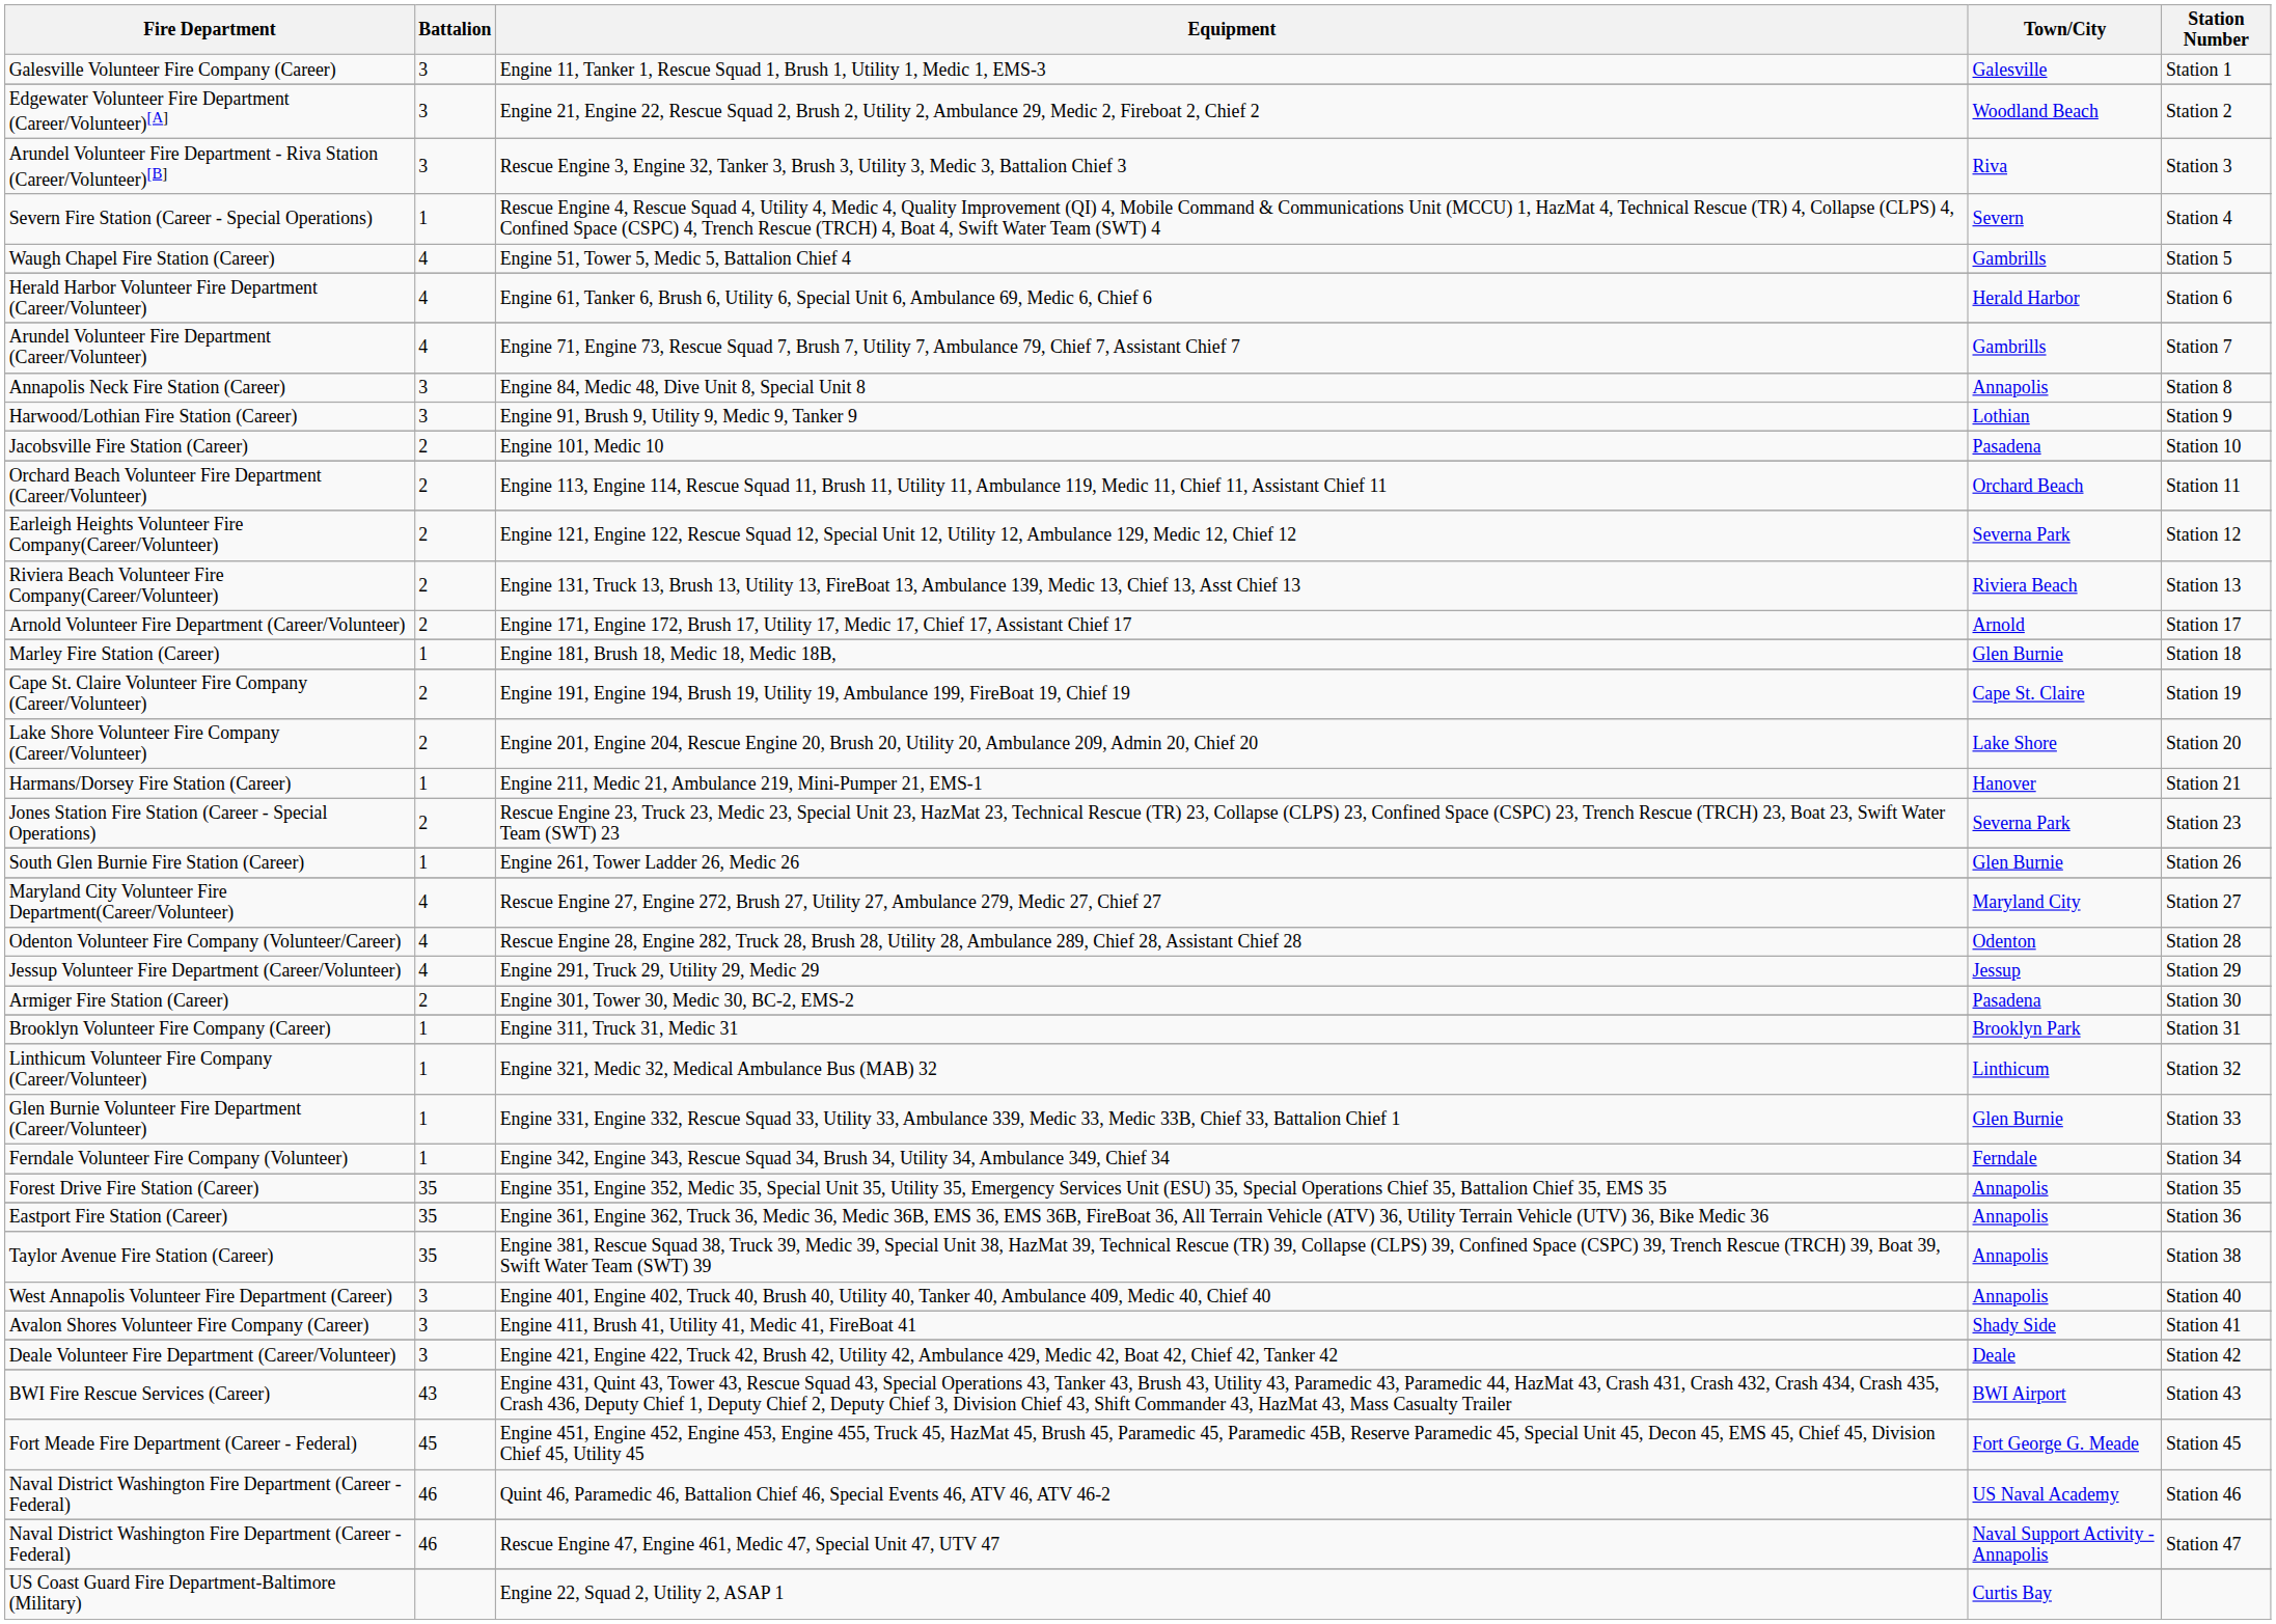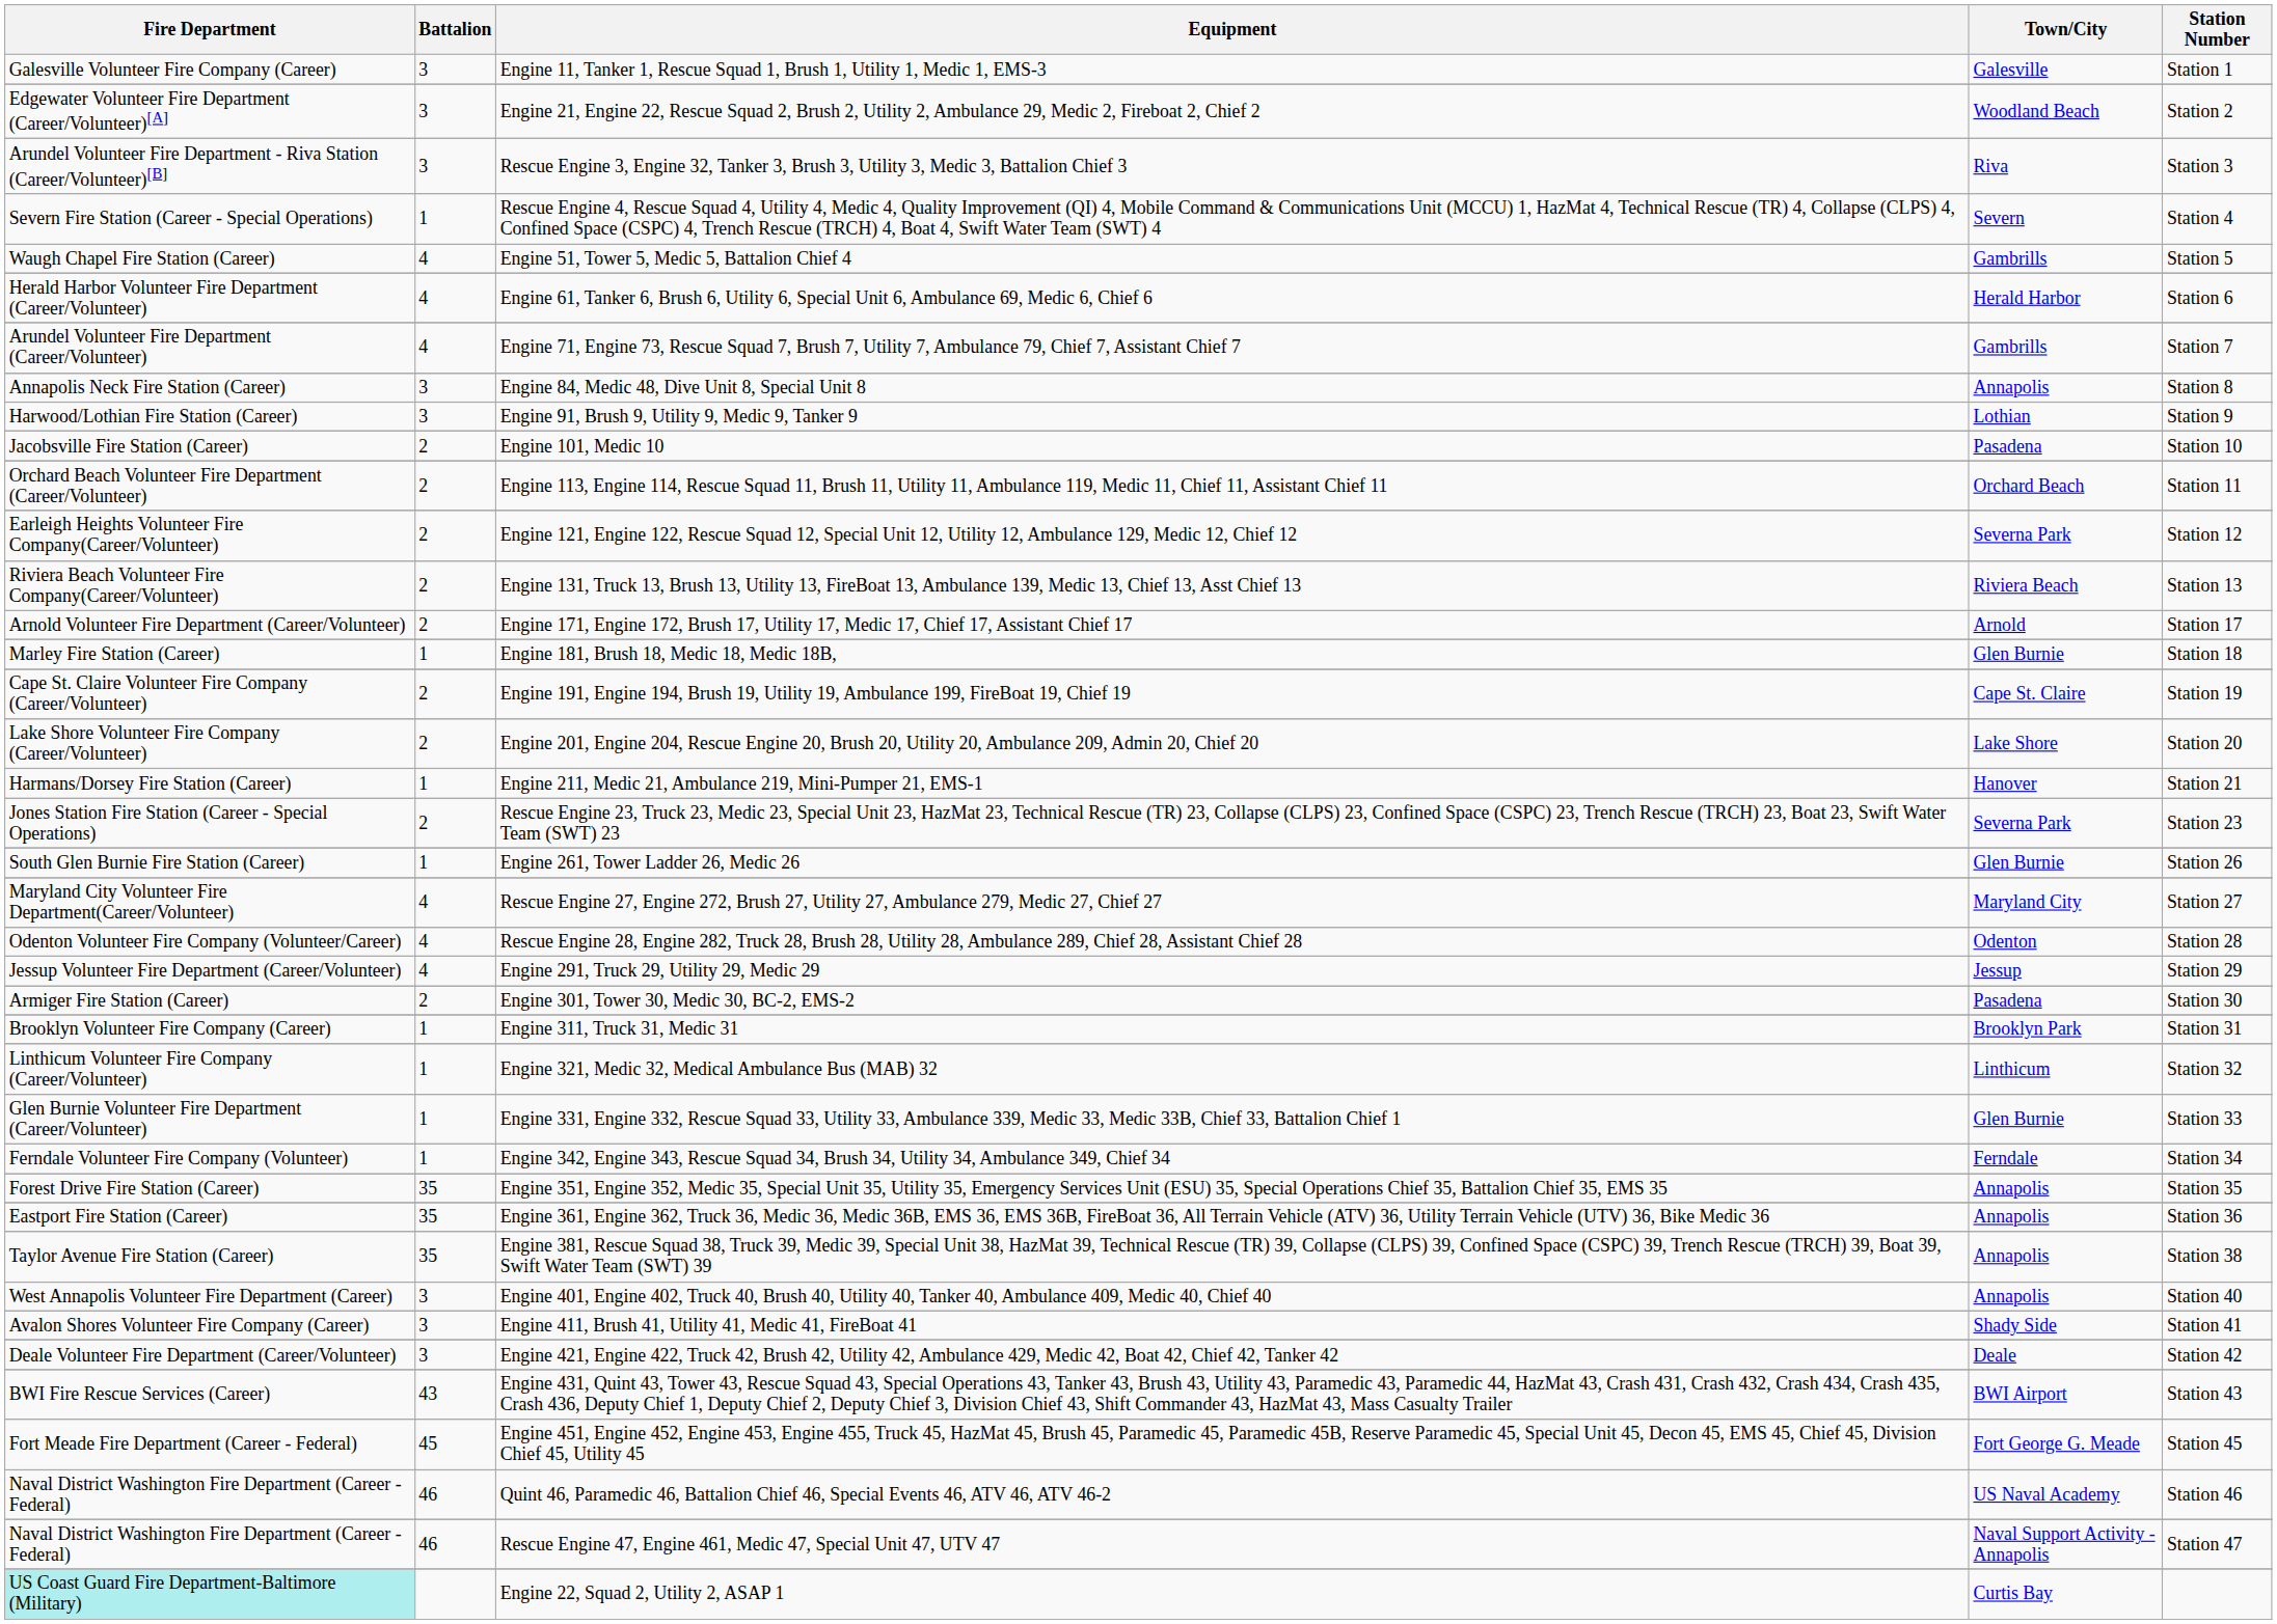 <table class="wikitable sortable">
 <tr>
 <th>Fire Department</th>
 <th>Battalion</th>
 <th>Equipment</th>
 <th>Town/City</th>
 <th>Station Number</th>
 </tr>
 <tr>
 <td>Galesville Volunteer Fire Company (Career)</td>
 <td>3</td>
 <td>Engine 11, Tanker 1, Rescue Squad 1, Brush 1, Utility 1, Medic 1, EMS-3</td>
 <td><a href='#'>Galesville</a></td>
 <td>Station 1</td>
 </tr>
 <tr>
 </tr>
 <tr>
 <td>Edgewater Volunteer Fire Department (Career/Volunteer)<sup><a href='#'>[A</a>]</sup></td>
 <td>3</td>
 <td>Engine 21, Engine 22, Rescue Squad 2, Brush 2, Utility 2, Ambulance 29, Medic 2, Fireboat 2, Chief 2</td>
 <td><a href='#'>Woodland Beach</a></td>
 <td>Station 2</td>
 </tr>
 <tr>
 </tr>
 <tr>
 <td>Arundel Volunteer Fire Department - Riva Station (Career/Volunteer)<sup><a href='#'>[B</a>]</sup></td>
 <td>3</td>
 <td>Rescue Engine 3, Engine 32, Tanker 3, Brush 3, Utility 3, Medic 3, Battalion Chief 3</td>
 <td><a href='#'>Riva</a></td>
 <td>Station 3</td>
 </tr>
 <tr>
 </tr>
 <tr>
 <td>Severn Fire Station (Career - Special Operations)</td>
 <td>1</td>
 <td>Rescue Engine 4, Rescue Squad 4, Utility 4, Medic 4, Quality Improvement (QI) 4, Mobile Command & Communications Unit (MCCU) 1, HazMat 4, Technical Rescue (TR) 4, Collapse (CLPS) 4, Confined Space (CSPC) 4, Trench Rescue (TRCH) 4, Boat 4, Swift Water Team (SWT) 4</td>
 <td><a href='#'>Severn</a></td>
 <td>Station 4</td>
 </tr>
 <tr>
 </tr>
 <tr>
 <td>Waugh Chapel Fire Station (Career)</td>
 <td>4</td>
 <td>Engine 51, Tower 5, Medic 5, Battalion Chief 4</td>
 <td><a href='#'>Gambrills</a></td>
 <td>Station 5</td>
 </tr>
 <tr>
 </tr>
 <tr>
 <td>Herald Harbor Volunteer Fire Department (Career/Volunteer)</td>
 <td>4</td>
 <td>Engine 61, Tanker 6, Brush 6, Utility 6, Special Unit 6, Ambulance 69, Medic 6, Chief 6</td>
 <td><a href='#'>Herald Harbor</a></td>
 <td>Station 6</td>
 </tr>
 <tr>
 </tr>
 <tr>
 <td>Arundel Volunteer Fire Department (Career/Volunteer)</td>
 <td>4</td>
 <td>Engine 71, Engine 73, Rescue Squad 7, Brush 7, Utility 7, Ambulance 79, Chief 7, Assistant Chief 7</td>
 <td><a href='#'>Gambrills</a></td>
 <td>Station 7</td>
 </tr>
 <tr>
 </tr>
 <tr>
 <td>Annapolis Neck Fire Station (Career)</td>
 <td>3</td>
 <td>Engine 84, Medic 48, Dive Unit 8, Special Unit 8</td>
 <td><a href='#'>Annapolis</a></td>
 <td>Station 8</td>
 </tr>
 <tr>
 </tr>
 <tr>
 <td>Harwood/Lothian Fire Station (Career)</td>
 <td>3</td>
 <td>Engine 91, Brush 9, Utility 9, Medic 9, Tanker 9</td>
 <td><a href='#'>Lothian</a></td>
 <td>Station 9</td>
 </tr>
 <tr>
 </tr>
 <tr>
 <td>Jacobsville Fire Station (Career)</td>
 <td>2</td>
 <td>Engine 101, Medic 10</td>
 <td><a href='#'>Pasadena</a></td>
 <td>Station 10</td>
 </tr>
 <tr>
 </tr>
 <tr>
 <td>Orchard Beach Volunteer Fire Department (Career/Volunteer)</td>
 <td>2</td>
 <td>Engine 113, Engine 114, Rescue Squad 11, Brush 11, Utility 11, Ambulance 119, Medic 11, Chief 11, Assistant Chief 11</td>
 <td><a href='#'>Orchard Beach</a></td>
 <td>Station 11</td>
 </tr>
 <tr>
 </tr>
 <tr>
 <td>Earleigh Heights Volunteer Fire Company(Career/Volunteer)</td>
 <td>2</td>
 <td>Engine 121, Engine 122, Rescue Squad 12, Special Unit 12, Utility 12, Ambulance 129, Medic 12, Chief 12</td>
 <td><a href='#'>Severna Park</a></td>
 <td>Station 12</td>
 </tr>
 <tr>
 </tr>
 <tr>
 <td>Riviera Beach Volunteer Fire Company(Career/Volunteer)</td>
 <td>2</td>
 <td>Engine 131, Truck 13, Brush 13, Utility 13, FireBoat 13, Ambulance 139, Medic 13, Chief 13, Asst Chief 13</td>
 <td><a href='#'>Riviera Beach</a></td>
 <td>Station 13</td>
 </tr>
 <tr>
 </tr>
 <tr>
 <td>Arnold Volunteer Fire Department (Career/Volunteer)</td>
 <td>2</td>
 <td>Engine 171, Engine 172, Brush 17, Utility 17, Medic 17, Chief 17, Assistant Chief 17</td>
 <td><a href='#'>Arnold</a></td>
 <td>Station 17</td>
 </tr>
 <tr>
 </tr>
 <tr>
 <td>Marley Fire Station (Career)</td>
 <td>1</td>
 <td>Engine 181, Brush 18, Medic 18, Medic 18B,</td>
 <td><a href='#'>Glen Burnie</a></td>
 <td>Station 18</td>
 </tr>
 <tr>
 </tr>
 <tr>
 <td>Cape St. Claire Volunteer Fire Company (Career/Volunteer)</td>
 <td>2</td>
 <td>Engine 191, Engine 194, Brush 19, Utility 19, Ambulance 199, FireBoat 19, Chief 19</td>
 <td><a href='#'>Cape St. Claire</a></td>
 <td>Station 19</td>
 </tr>
 <tr>
 </tr>
 <tr>
 <td>Lake Shore Volunteer Fire Company (Career/Volunteer)</td>
 <td>2</td>
 <td>Engine 201, Engine 204, Rescue Engine 20, Brush 20, Utility 20, Ambulance 209, Admin 20, Chief 20</td>
 <td><a href='#'>Lake Shore</a></td>
 <td>Station 20</td>
 </tr>
 <tr>
 </tr>
 <tr>
 <td>Harmans/Dorsey Fire Station (Career)</td>
 <td>1</td>
 <td>Engine 211, Medic 21, Ambulance 219, Mini-Pumper 21, EMS-1 </td>
 <td><a href='#'>Hanover</a></td>
 <td>Station 21</td>
 </tr>
 <tr>
 </tr>
 <tr>
 <td>Jones Station Fire Station (Career - Special Operations)</td>
 <td>2</td>
 <td>Rescue Engine 23, Truck 23, Medic 23, Special Unit 23, HazMat 23, Technical Rescue (TR) 23, Collapse (CLPS) 23, Confined Space (CSPC) 23, Trench Rescue (TRCH) 23, Boat 23, Swift Water Team (SWT) 23</td>
 <td><a href='#'>Severna Park</a></td>
 <td>Station 23</td>
 </tr>
 <tr>
 </tr>
 <tr>
 <td>South Glen Burnie Fire Station (Career)</td>
 <td>1</td>
 <td>Engine 261, Tower Ladder 26, Medic 26</td>
 <td><a href='#'>Glen Burnie</a></td>
 <td>Station 26</td>
 </tr>
 <tr>
 </tr>
 <tr>
 <td>Maryland City Volunteer Fire Department(Career/Volunteer)</td>
 <td>4</td>
 <td>Rescue Engine 27, Engine 272, Brush 27, Utility 27, Ambulance 279, Medic 27, Chief 27</td>
 <td><a href='#'>Maryland City</a></td>
 <td>Station 27</td>
 </tr>
 <tr>
 </tr>
 <tr>
 <td>Odenton Volunteer Fire Company (Volunteer/Career)</td>
 <td>4</td>
 <td>Rescue Engine 28, Engine 282, Truck 28, Brush 28, Utility 28, Ambulance 289, Chief 28, Assistant Chief 28</td>
 <td><a href='#'>Odenton</a></td>
 <td>Station 28</td>
 </tr>
 <tr>
 </tr>
 <tr>
 <td>Jessup Volunteer Fire Department (Career/Volunteer)</td>
 <td>4</td>
 <td>Engine 291, Truck 29, Utility 29,  Medic 29</td>
 <td><a href='#'>Jessup</a></td>
 <td>Station 29</td>
 </tr>
 <tr>
 </tr>
 <tr>
 <td>Armiger Fire Station (Career)</td>
 <td>2</td>
 <td>Engine 301, Tower 30, Medic 30, BC-2, EMS-2</td>
 <td><a href='#'>Pasadena</a></td>
 <td>Station 30</td>
 </tr>
 <tr>
 </tr>
 <tr>
 <td>Brooklyn Volunteer Fire Company (Career)</td>
 <td>1</td>
 <td>Engine 311, Truck 31, Medic 31</td>
 <td><a href='#'>Brooklyn Park</a></td>
 <td>Station 31</td>
 </tr>
 <tr>
 </tr>
 <tr>
 <td>Linthicum Volunteer Fire Company (Career/Volunteer)</td>
 <td>1</td>
 <td>Engine 321, Medic 32, Medical Ambulance Bus (MAB) 32</td>
 <td><a href='#'>Linthicum</a></td>
 <td>Station 32</td>
 </tr>
 <tr>
 </tr>
 <tr>
 <td>Glen Burnie Volunteer Fire Department (Career/Volunteer)</td>
 <td>1</td>
 <td>Engine 331, Engine 332, Rescue Squad 33, Utility 33, Ambulance 339, Medic 33, Medic 33B, Chief 33, Battalion Chief 1</td>
 <td><a href='#'>Glen Burnie</a></td>
 <td>Station 33</td>
 </tr>
 <tr>
 </tr>
 <tr>
 <td>Ferndale Volunteer Fire Company (Volunteer)</td>
 <td>1</td>
 <td>Engine 342, Engine 343, Rescue Squad 34, Brush 34, Utility 34, Ambulance 349, Chief 34</td>
 <td><a href='#'>Ferndale</a></td>
 <td>Station 34</td>
 </tr>
 <tr>
 </tr>
 <tr>
 <td>Forest Drive Fire Station (Career)</td>
 <td>35</td>
 <td>Engine 351, Engine 352, Medic 35, Special Unit 35, Utility 35, Emergency Services Unit (ESU) 35, Special Operations Chief 35, Battalion Chief 35, EMS 35</td>
 <td><a href='#'>Annapolis</a></td>
 <td>Station 35</td>
 </tr>
 <tr>
 </tr>
 <tr>
 <td>Eastport Fire Station (Career)</td>
 <td>35</td>
 <td>Engine 361, Engine 362, Truck 36, Medic 36, Medic 36B, EMS 36, EMS 36B, FireBoat 36, All Terrain Vehicle (ATV) 36, Utility Terrain Vehicle (UTV) 36, Bike Medic 36</td>
 <td><a href='#'>Annapolis</a></td>
 <td>Station 36</td>
 </tr>
 <tr>
 </tr>
 <tr>
 <td>Taylor Avenue Fire Station (Career)</td>
 <td>35</td>
 <td>Engine 381, Rescue Squad 38, Truck 39, Medic 39, Special Unit 38, HazMat 39, Technical Rescue (TR) 39, Collapse (CLPS) 39, Confined Space (CSPC) 39, Trench Rescue (TRCH) 39, Boat 39, Swift Water Team (SWT) 39</td>
 <td><a href='#'>Annapolis</a></td>
 <td>Station 38</td>
 </tr>
 <tr>
 </tr>
 <tr>
 <td>West Annapolis Volunteer Fire Department (Career)</td>
 <td>3</td>
 <td>Engine 401, Engine 402, Truck 40, Brush 40, Utility 40, Tanker 40, Ambulance 409, Medic 40, Chief 40</td>
 <td><a href='#'>Annapolis</a></td>
 <td>Station 40</td>
 </tr>
 <tr>
 </tr>
 <tr>
 <td>Avalon Shores Volunteer Fire Company (Career)</td>
 <td>3</td>
 <td>Engine 411, Brush 41, Utility 41, Medic 41, FireBoat 41</td>
 <td><a href='#'>Shady Side</a></td>
 <td>Station 41</td>
 </tr>
 <tr>
 </tr>
 <tr>
 <td>Deale Volunteer Fire Department (Career/Volunteer)</td>
 <td>3</td>
 <td>Engine 421, Engine 422, Truck 42, Brush 42, Utility 42, Ambulance 429, Medic 42, Boat 42, Chief 42, Tanker 42</td>
 <td><a href='#'>Deale</a></td>
 <td>Station 42</td>
 </tr>
 <tr>
 </tr>
 <tr>
 <td>BWI Fire Rescue Services (Career)</td>
 <td>43</td>
 <td>Engine 431, Quint 43, Tower 43, Rescue Squad 43, Special Operations 43, Tanker 43, Brush 43, Utility 43, Paramedic 43, Paramedic 44, HazMat 43, Crash 431, Crash 432, Crash 434, Crash 435, Crash 436, Deputy Chief 1, Deputy Chief 2, Deputy Chief 3, Division Chief 43, Shift Commander 43, HazMat 43, Mass Casualty Trailer</td>
 <td><a href='#'>BWI Airport</a></td>
 <td>Station 43</td>
 </tr>
 <tr>
 </tr>
 <tr>
 <td>Fort Meade Fire Department (Career - Federal)</td>
 <td>45</td>
 <td>Engine 451, Engine 452, Engine 453, Engine 455, Truck 45, HazMat 45, Brush 45, Paramedic 45, Paramedic 45B, Reserve Paramedic 45, Special Unit 45, Decon 45, EMS 45, Chief 45, Division Chief 45, Utility 45</td>
 <td><a href='#'>Fort George G. Meade</a></td>
 <td>Station 45</td>
 </tr>
 <tr>
 </tr>
 <tr>
 <td>Naval District Washington Fire Department (Career - Federal)</td>
 <td>46</td>
 <td>Quint 46, Paramedic 46, Battalion Chief 46, Special Events 46, ATV 46, ATV 46-2</td>
 <td><a href='#'>US Naval Academy</a></td>
 <td>Station 46</td>
 </tr>
 <tr>
 </tr>
 <tr>
 <td>Naval District Washington Fire Department (Career - Federal)</td>
 <td>46</td>
 <td>Rescue Engine 47, Engine 461, Medic 47, Special Unit 47, UTV 47</td>
 <td><a href='#'>Naval Support Activity - Annapolis</a></td>
 <td>Station 47</td>
 </tr>
 <tr>
 </tr>
 <tr>
-<td>US Coast Guard Fire Department-Baltimore (Military)</td>
+<td style="background: paleturquoise;">US Coast Guard Fire Department-Baltimore (Military)</td>
 <td></td>
 <td>Engine 22, Squad 2, Utility 2, ASAP 1</td>
 <td><a href='#'>Curtis Bay</a></td>
 <td></td>
 </tr>
 <tr>
 </tr>
 </table>
